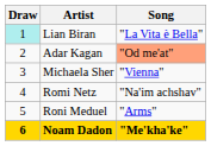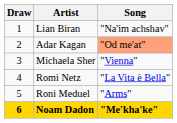 <table class="sortable wikitable" style="margin: 1em auto 1em auto;">
 <tr>
 <th>Draw</th>
 <th>Artist</th>
 <th>Song </th>
 </tr>
 <tr>
-<td align="center" style="background: paleturquoise;">1</td>
+<td align="center">1</td>
 <td>Lian Biran</td>
-<td>"<a href='#'>La Vita è Bella</a>" </td>
+<td>"Na'im achshav" </td>
 </tr>
 <tr>
 <td align="center">2</td>
 <td>Adar Kagan</td>
 <td style="background: lightsalmon;">"Od me'at" </td>
 </tr>
 <tr>
 <td align="center">3</td>
 <td>Michaela Sher</td>
 <td>"<a href='#'>Vienna</a>" </td>
 </tr>
 <tr>
 <td align="center">4</td>
 <td>Romi Netz</td>
-<td>"Na'im achshav" </td>
+<td>"<a href='#'>La Vita è Bella</a>" </td>
 </tr>
 <tr>
 <td align="center">5</td>
 <td>Roni Meduel</td>
 <td>"<a href='#'>Arms</a>" </td>
 </tr>
 <tr style="font-weight:bold; background:gold;">
 <td align="center">6</td>
 <td>Noam Dadon</td>
 <td>"Me'kha'ke" </td>
 </tr>
 </table>
